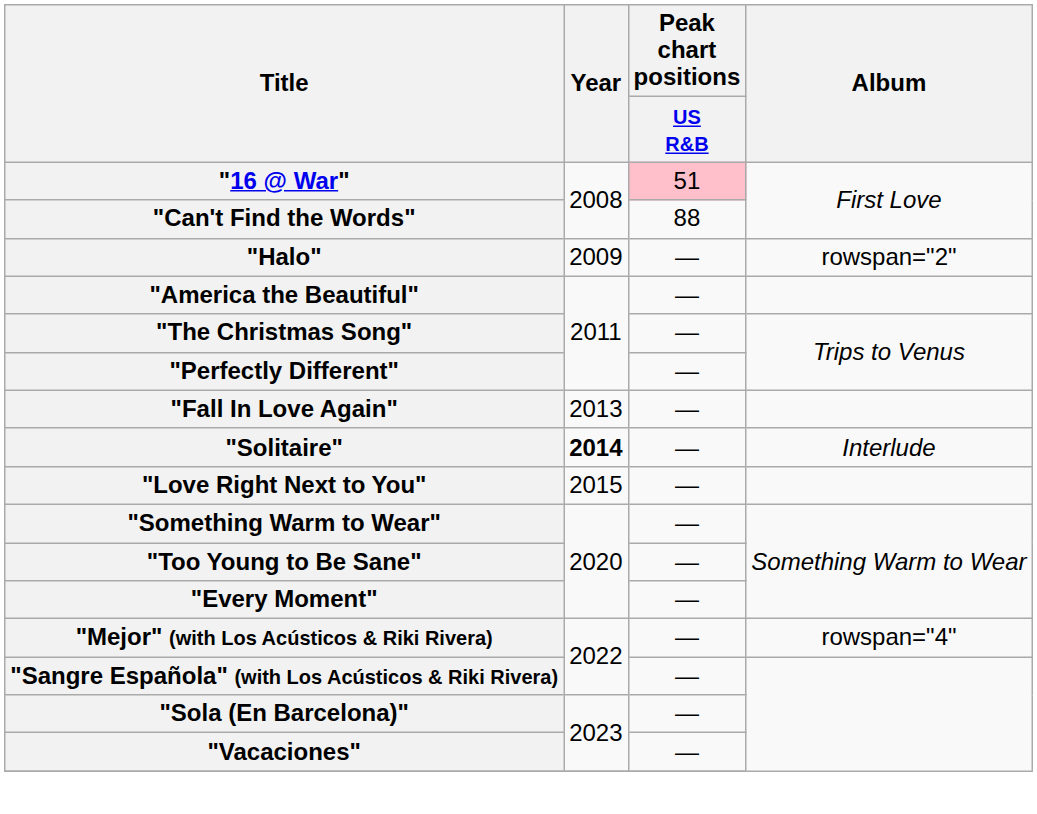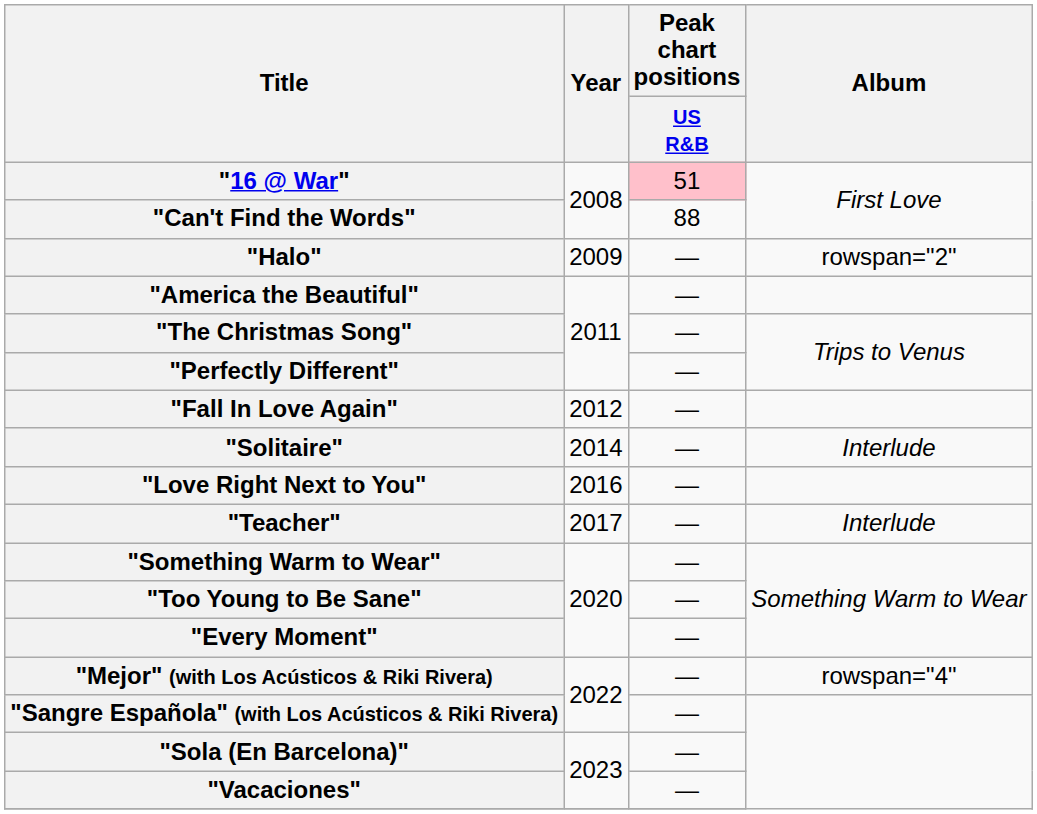 <table class="wikitable plainrowheaders" style="text-align:center;">
 <tr>
 <th rowspan="2">Title</th>
 <th rowspan="2">Year</th>
 <th>Peak chart positions</th>
 <th rowspan="2">Album</th>
 </tr>
 <tr>
 <th width="35"><small><a href='#'>US<br>R&B</a></small></th>
 </tr>
 <tr>
 <th scope="row">"<a href='#'>16 @ War</a>"</th>
 <td rowspan="2">2008</td>
 <td style="background: pink;">51</td>
 <td rowspan="2"><em>First Love</em></td>
 </tr>
 <tr>
 <th scope="row">"Can't Find the Words"</th>
 <td>88</td>
 </tr>
 <tr>
 <th scope="row">"Halo"</th>
 <td>2009</td>
 <td>—</td>
 <td>rowspan="2" </td>
 </tr>
 <tr>
 <th scope="row">"America the Beautiful"</th>
 <td rowspan="3">2011</td>
 <td>—</td>
 </tr>
 <tr>
 <th scope="row">"The Christmas Song"</th>
 <td>—</td>
 <td rowspan="2"><em>Trips to Venus</em></td>
 </tr>
 <tr>
 <th scope="row">"Perfectly Different"</th>
 <td>—</td>
 </tr>
 <tr>
 <th scope="row">"Fall In Love Again"</th>
-<td>2013</td>
+<td>2012</td>
 <td>—</td>
 <td></td>
 </tr>
 <tr>
 <th scope="row">"Solitaire"</th>
-<td><strong>2014</strong></td>
+<td>2014</td>
 <td>—</td>
 <td><em>Interlude</em></td>
 </tr>
 <tr>
 <th scope="row">"Love Right Next to You"</th>
-<td>2015</td>
+<td>2016</td>
 <td>—</td>
 <td></td>
+</tr>
+<tr>
+<th scope="row">"Teacher"</th>
+<td>2017</td>
+<td>—</td>
+<td><em>Interlude</em></td>
 </tr>
 <tr>
 <th scope="row">"Something Warm to Wear"</th>
 <td rowspan="3">2020</td>
 <td>—</td>
 <td rowspan="3"><em>Something Warm to Wear</em></td>
 </tr>
 <tr>
 <th scope="row">"Too Young to Be Sane"</th>
 <td>—</td>
 </tr>
 <tr>
 <th scope="row">"Every Moment"</th>
 <td>—</td>
 </tr>
 <tr>
 <th scope="row">"Mejor" <small>(with Los Acústicos & Riki Rivera)</small></th>
 <td rowspan="2">2022</td>
 <td>—</td>
 <td>rowspan="4" </td>
 </tr>
 <tr>
 <th scope="row">"Sangre Española" <small>(with Los Acústicos & Riki Rivera)</small></th>
 <td>—</td>
 </tr>
 <tr>
 <th scope="row">"Sola (En Barcelona)"</th>
 <td rowspan="2">2023</td>
 <td>—</td>
 </tr>
 <tr>
 <th scope="row">"Vacaciones"</th>
 <td>—</td>
 </tr>
 <tr>
 </tr>
 </table>
